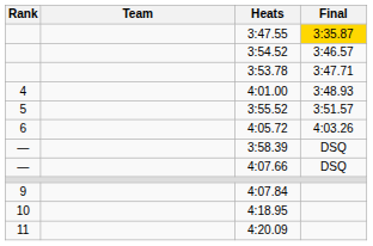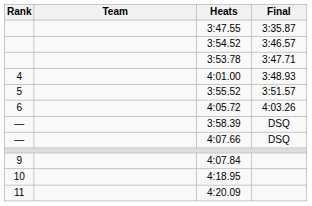 <table class=wikitable style="text-align:center">
 <tr>
 <th width=40>Rank</th>
 <th width=250>Team</th>
 <th width=80>Heats</th>
 <th width=80>Final</th>
 </tr>
 <tr>
 <td></td>
 <td align=left></td>
 <td>3:47.55</td>
-<td style="background: gold;">3:35.87</td>
+<td>3:35.87</td>
 </tr>
 <tr>
 <td></td>
 <td align=left></td>
 <td>3:54.52</td>
 <td>3:46.57</td>
 </tr>
 <tr>
 <td></td>
 <td align=left></td>
 <td>3:53.78</td>
 <td>3:47.71</td>
 </tr>
 <tr>
 <td>4</td>
 <td align=left></td>
 <td>4:01.00</td>
 <td>3:48.93</td>
 </tr>
 <tr>
 <td>5</td>
 <td align=left></td>
 <td>3:55.52</td>
 <td>3:51.57</td>
 </tr>
 <tr>
 <td>6</td>
 <td align=left></td>
 <td>4:05.72</td>
 <td>4:03.26</td>
 </tr>
 <tr>
 <td>—</td>
 <td align=left></td>
 <td>3:58.39</td>
 <td>DSQ</td>
 </tr>
 <tr>
 <td>—</td>
 <td align=left></td>
 <td>4:07.66</td>
 <td>DSQ</td>
 </tr>
 <tr bgcolor=#DDDDDD>
 <td colspan=4></td>
 </tr>
 <tr>
 <td>9</td>
 <td align=left></td>
 <td>4:07.84</td>
 <td></td>
 </tr>
 <tr>
 <td>10</td>
 <td align=left></td>
 <td>4:18.95</td>
 <td></td>
 </tr>
 <tr>
 <td>11</td>
 <td align=left></td>
 <td>4:20.09</td>
 <td></td>
 </tr>
 </table>
